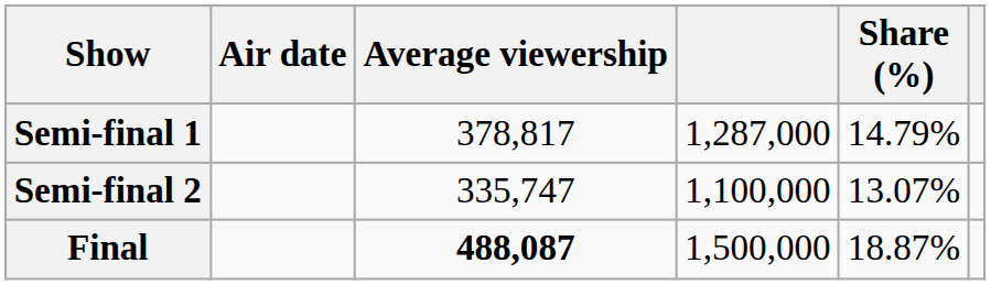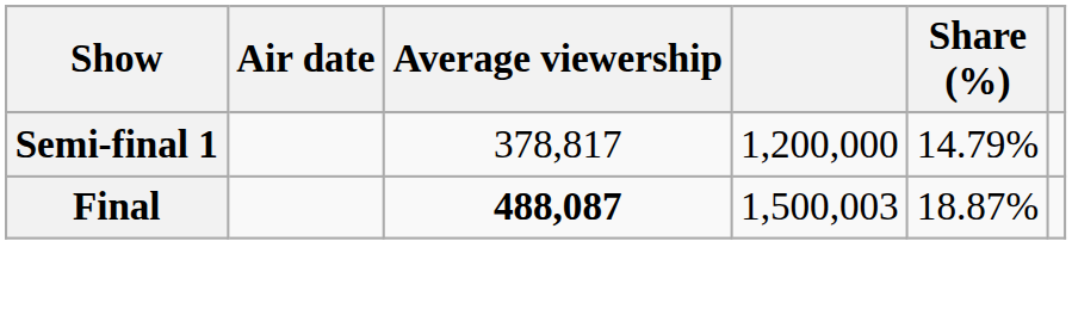 <table class="wikitable plainrowheaders" style="text-align:center">
 <tr>
 <th>Show</th>
 <th>Air date</th>
 <th>Average viewership</th>
 <th></th>
 <th>Share<br>(%)</th>
 <th></th>
 </tr>
 <tr>
 <th scope="row">Semi-final 1</th>
 <td></td>
 <td>378,817</td>
-<td>1,287,000</td>
+<td>1,200,000</td>
 <td>14.79%</td>
-<td></td>
-</tr>
-<tr>
-<th scope="row">Semi-final 2</th>
-<td></td>
-<td>335,747</td>
-<td>1,100,000</td>
-<td>13.07%</td>
 <td></td>
 </tr>
 <tr>
 <th scope="row">Final</th>
 <td></td>
 <td><strong>488,087</strong></td>
-<td>1,500,000</td>
+<td>1,500,003</td>
 <td>18.87%</td>
 <td></td>
 </tr>
 </table>
